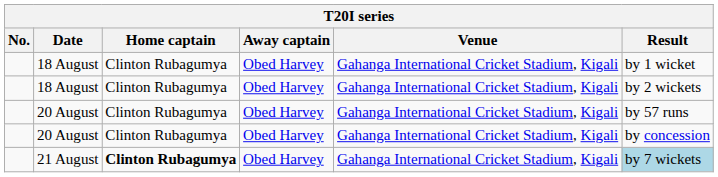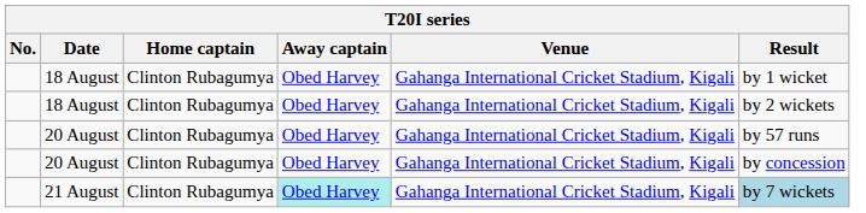 <table class="wikitable">
 <tr>
 <th colspan="9">T20I series</th>
 </tr>
 <tr>
 <th>No.</th>
 <th>Date</th>
 <th>Home captain</th>
 <th>Away captain</th>
 <th>Venue</th>
 <th>Result</th>
 </tr>
 <tr>
 <td></td>
 <td>18 August</td>
 <td>Clinton Rubagumya</td>
 <td><a href='#'>Obed Harvey</a></td>
 <td><a href='#'>Gahanga International Cricket Stadium</a>, <a href='#'>Kigali</a></td>
 <td> by 1 wicket</td>
 </tr>
 <tr>
 <td></td>
 <td>18 August</td>
 <td>Clinton Rubagumya</td>
 <td><a href='#'>Obed Harvey</a></td>
 <td><a href='#'>Gahanga International Cricket Stadium</a>, <a href='#'>Kigali</a></td>
 <td> by 2 wickets</td>
 </tr>
 <tr>
 <td></td>
 <td>20 August</td>
 <td>Clinton Rubagumya</td>
 <td><a href='#'>Obed Harvey</a></td>
 <td><a href='#'>Gahanga International Cricket Stadium</a>, <a href='#'>Kigali</a></td>
 <td> by 57 runs</td>
 </tr>
 <tr>
 <td></td>
 <td>20 August</td>
 <td>Clinton Rubagumya</td>
 <td><a href='#'>Obed Harvey</a></td>
 <td><a href='#'>Gahanga International Cricket Stadium</a>, <a href='#'>Kigali</a></td>
 <td> by <a href='#'>concession</a></td>
 </tr>
 <tr>
 <td></td>
 <td>21 August</td>
-<td><strong>Clinton Rubagumya</strong></td>
-<td><a href='#'>Obed Harvey</a></td>
+<td>Clinton Rubagumya</td>
+<td style="background: paleturquoise;"><a href='#'>Obed Harvey</a></td>
 <td><a href='#'>Gahanga International Cricket Stadium</a>, <a href='#'>Kigali</a></td>
 <td style="background: lightblue;"> by 7 wickets</td>
 </tr>
 </table>
